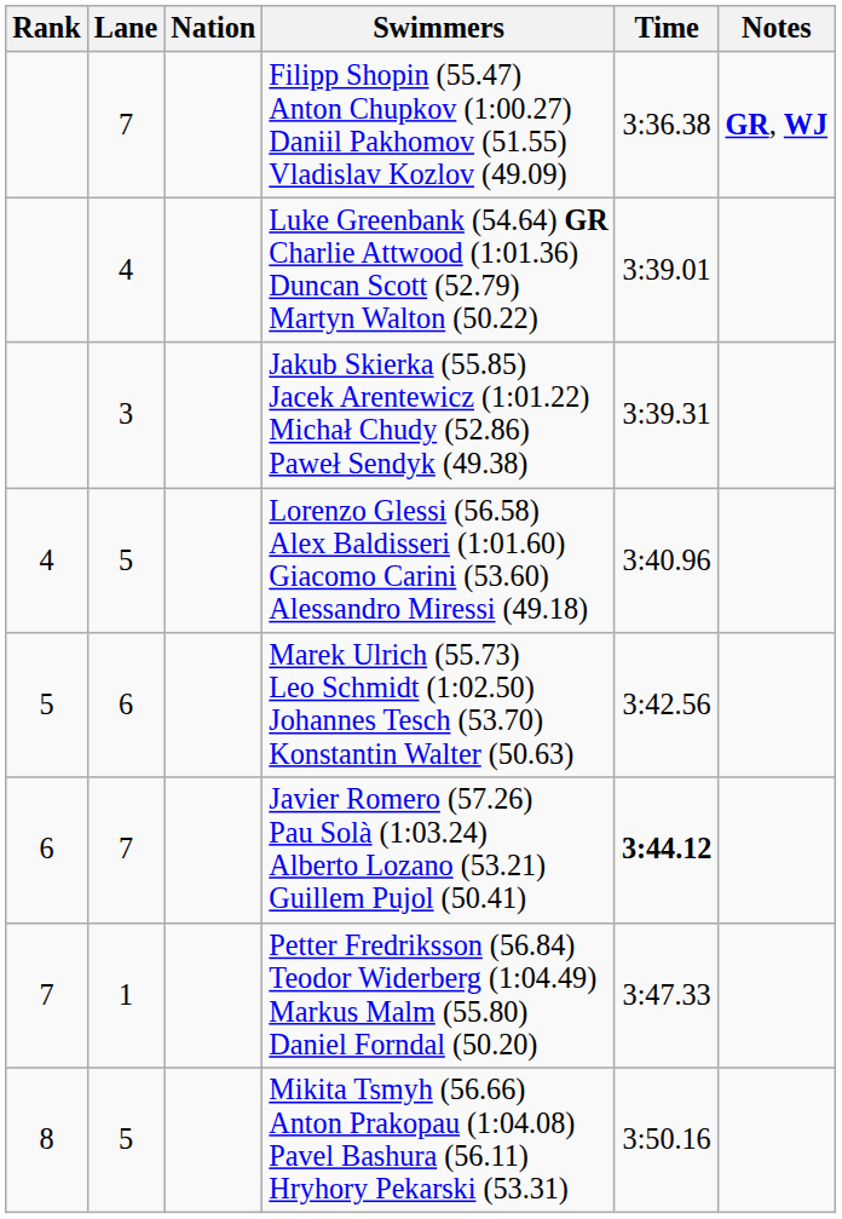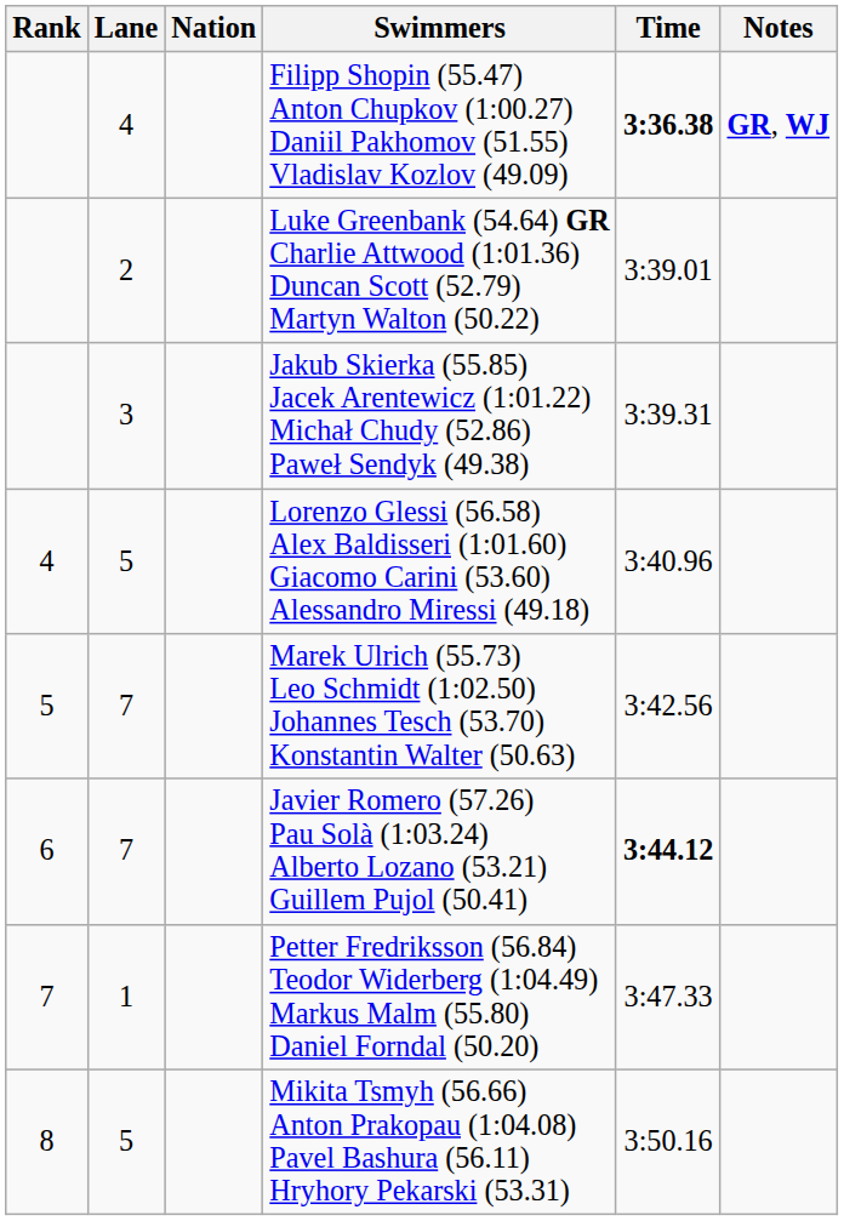 <table class="wikitable sortable" style="text-align:center">
 <tr>
 <th>Rank</th>
 <th>Lane</th>
 <th>Nation</th>
 <th>Swimmers</th>
 <th>Time</th>
 <th>Notes</th>
 </tr>
 <tr>
 <td></td>
-<td>7</td>
+<td>4</td>
 <td align=left></td>
 <td align=left><a href='#'>Filipp Shopin</a> (55.47)<br><a href='#'>Anton Chupkov</a> (1:00.27)<br><a href='#'>Daniil Pakhomov</a> (51.55)<br><a href='#'>Vladislav Kozlov</a> (49.09)</td>
-<td>3:36.38</td>
+<td><strong>3:36.38</strong></td>
 <td><a href='#'><strong>GR</strong></a>, <strong><a href='#'>WJ</a></strong></td>
 </tr>
 <tr>
 <td></td>
-<td>4</td>
+<td>2</td>
 <td align=left></td>
 <td align=left><a href='#'>Luke Greenbank</a> (54.64) <strong>GR</strong><br><a href='#'>Charlie Attwood</a> (1:01.36)<br><a href='#'>Duncan Scott</a> (52.79)<br><a href='#'>Martyn Walton</a> (50.22)</td>
 <td>3:39.01</td>
 <td></td>
 </tr>
 <tr>
 <td></td>
 <td>3</td>
 <td align=left></td>
 <td align=left><a href='#'>Jakub Skierka</a> (55.85)<br><a href='#'>Jacek Arentewicz</a> (1:01.22)<br><a href='#'>Michał Chudy</a> (52.86)<br><a href='#'>Paweł Sendyk</a> (49.38)</td>
 <td>3:39.31</td>
 <td></td>
 </tr>
 <tr>
 <td>4</td>
 <td>5</td>
 <td align=left></td>
 <td align=left><a href='#'>Lorenzo Glessi</a> (56.58)<br><a href='#'>Alex Baldisseri</a> (1:01.60)<br><a href='#'>Giacomo Carini</a> (53.60)<br><a href='#'>Alessandro Miressi</a> (49.18)</td>
 <td>3:40.96</td>
 <td></td>
 </tr>
 <tr>
 <td>5</td>
-<td>6</td>
+<td>7</td>
 <td align=left></td>
 <td align=left><a href='#'>Marek Ulrich</a> (55.73)<br><a href='#'>Leo Schmidt</a> (1:02.50)<br><a href='#'>Johannes Tesch</a> (53.70)<br><a href='#'>Konstantin Walter</a> (50.63)</td>
 <td>3:42.56</td>
 <td></td>
 </tr>
 <tr>
 <td>6</td>
 <td>7</td>
 <td align=left></td>
 <td align=left><a href='#'>Javier Romero</a> (57.26)<br><a href='#'>Pau Solà</a> (1:03.24)<br><a href='#'>Alberto Lozano</a> (53.21)<br><a href='#'>Guillem Pujol</a> (50.41)</td>
 <td><strong>3:44.12</strong></td>
 <td></td>
 </tr>
 <tr>
 <td>7</td>
 <td>1</td>
 <td align=left></td>
 <td align=left><a href='#'>Petter Fredriksson</a> (56.84)<br><a href='#'>Teodor Widerberg</a> (1:04.49)<br><a href='#'>Markus Malm</a> (55.80)<br><a href='#'>Daniel Forndal</a> (50.20)</td>
 <td>3:47.33</td>
 <td></td>
 </tr>
 <tr>
 <td>8</td>
 <td>5</td>
 <td align=left></td>
 <td align=left><a href='#'>Mikita Tsmyh</a> (56.66)<br><a href='#'>Anton Prakopau</a> (1:04.08)<br><a href='#'>Pavel Bashura</a> (56.11)<br><a href='#'>Hryhory Pekarski</a> (53.31)</td>
 <td>3:50.16</td>
 <td></td>
 </tr>
 </table>
